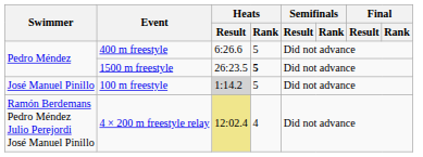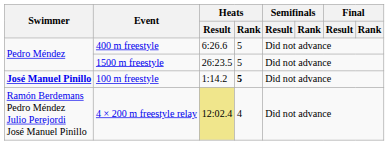 <table class=wikitable style="font-size:90%" style="text-align:center">
 <tr>
 <th rowspan=2>Swimmer</th>
 <th rowspan=2>Event</th>
 <th colspan=2>Heats</th>
 <th colspan=2>Semifinals</th>
 <th colspan=2>Final</th>
 </tr>
 <tr>
 <th>Result</th>
 <th>Rank</th>
 <th>Result</th>
 <th>Rank</th>
 <th>Result</th>
 <th>Rank</th>
 </tr>
 <tr>
 <td rowspan=2 align=left><a href='#'>Pedro Méndez</a></td>
 <td align=left><a href='#'>400 m freestyle</a></td>
 <td>6:26.6</td>
 <td>5</td>
 <td colspan=4>Did not advance</td>
 </tr>
 <tr>
 <td align=left><a href='#'>1500 m freestyle</a></td>
 <td>26:23.5</td>
-<td><strong>5</strong></td>
+<td>5</td>
 <td colspan=4>Did not advance</td>
 </tr>
 <tr>
-<td align=left><a href='#'>José Manuel Pinillo</a></td>
+<td align=left><strong><a href='#'>José Manuel Pinillo</a></strong></td>
 <td align=left><a href='#'>100 m freestyle</a></td>
-<td style="background: lightgrey;">1:14.2</td>
-<td>5</td>
+<td>1:14.2</td>
+<td><strong>5</strong></td>
 <td colspan=4>Did not advance</td>
 </tr>
 <tr>
 <td align=left><a href='#'>Ramón Berdemans</a> <br> Pedro Méndez <br> <a href='#'>Julio Perejordi</a> <br> José Manuel Pinillo</td>
 <td align=left><a href='#'>4 × 200 m freestyle relay</a></td>
 <td style="background: khaki;">12:02.4</td>
 <td>4</td>
 <td colspan=4>Did not advance</td>
 </tr>
 </table>
